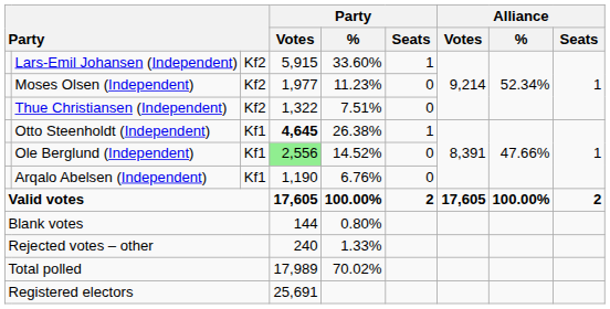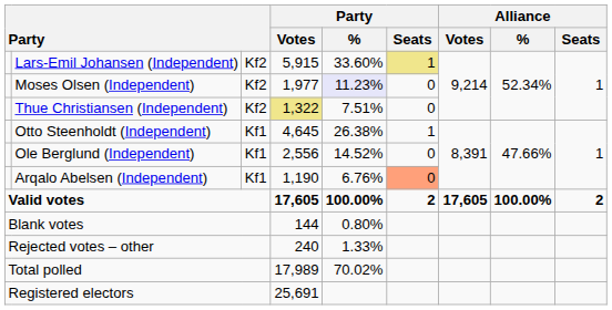 <table class="wikitable" border="1" style="text-align:right;">
 <tr>
 <th style="text-align:left;" valign=bottom rowspan=2 colspan=3>Party</th>
 <th colspan=3>Party</th>
 <th colspan=3>Alliance</th>
 </tr>
 <tr>
 <th align=center valign=bottom width="50">Votes</th>
 <th align=center valign=bottom width="50">%</th>
 <th align=center valign=bottom width="50">Seats</th>
 <th align=center valign=bottom width="50">Votes</th>
 <th align=center valign=bottom width="50">%</th>
 <th align=center valign=bottom width="50">Seats</th>
 </tr>
 <tr>
 <td></td>
 <td align=left><a href='#'>Lars-Emil Johansen</a> (<a href='#'>Independent</a>)</td>
 <td align=left>Kf2</td>
 <td>5,915</td>
 <td>33.60%</td>
-<td>1</td>
+<td style="background: khaki;">1</td>
 <td rowspan=3>9,214</td>
 <td rowspan=3>52.34%</td>
 <td rowspan=3>1</td>
 </tr>
 <tr>
 <td></td>
 <td align=left>Moses Olsen (<a href='#'>Independent</a>)</td>
 <td align=left>Kf2</td>
 <td>1,977</td>
-<td>11.23%</td>
+<td style="background: lavender;">11.23%</td>
 <td>0</td>
 </tr>
 <tr>
 <td></td>
 <td align=left><a href='#'>Thue Christiansen</a> (<a href='#'>Independent</a>)</td>
 <td align=left>Kf2</td>
-<td>1,322</td>
+<td style="background: khaki;">1,322</td>
 <td>7.51%</td>
 <td>0</td>
 </tr>
 <tr>
 <td></td>
 <td align=left>Otto Steenholdt (<a href='#'>Independent</a>)</td>
 <td align=left>Kf1</td>
-<td><strong>4,645</strong></td>
+<td>4,645</td>
 <td>26.38%</td>
 <td>1</td>
 <td rowspan=3>8,391</td>
 <td rowspan=3>47.66%</td>
 <td rowspan=3>1</td>
 </tr>
 <tr>
 <td></td>
 <td align=left>Ole Berglund (<a href='#'>Independent</a>)</td>
 <td align=left>Kf1</td>
-<td style="background: lightgreen;">2,556</td>
+<td>2,556</td>
 <td>14.52%</td>
 <td>0</td>
 </tr>
 <tr>
 <td></td>
 <td align=left>Arqalo Abelsen (<a href='#'>Independent</a>)</td>
 <td align=left>Kf1</td>
 <td>1,190</td>
 <td>6.76%</td>
-<td>0</td>
+<td style="background: lightsalmon;">0</td>
 </tr>
 <tr style="font-weight:bold">
 <td align=left colspan=3>Valid votes</td>
 <td>17,605</td>
 <td>100.00%</td>
 <td>2</td>
 <td>17,605</td>
 <td>100.00%</td>
 <td>2</td>
 </tr>
 <tr>
 <td align=left colspan=3>Blank votes</td>
 <td>144</td>
 <td>0.80%</td>
 <td></td>
 <td></td>
 <td></td>
 <td></td>
 </tr>
 <tr>
 <td align=left colspan=3>Rejected votes – other</td>
 <td>240</td>
 <td>1.33%</td>
 <td></td>
 <td></td>
 <td></td>
 <td></td>
 </tr>
 <tr>
 <td align=left colspan=3>Total polled</td>
 <td>17,989</td>
 <td>70.02%</td>
 <td></td>
 <td></td>
 <td></td>
 <td></td>
 </tr>
 <tr>
 <td align=left colspan=3>Registered electors</td>
 <td>25,691</td>
 <td></td>
 <td></td>
 <td></td>
 <td></td>
 <td></td>
 </tr>
 </table>
